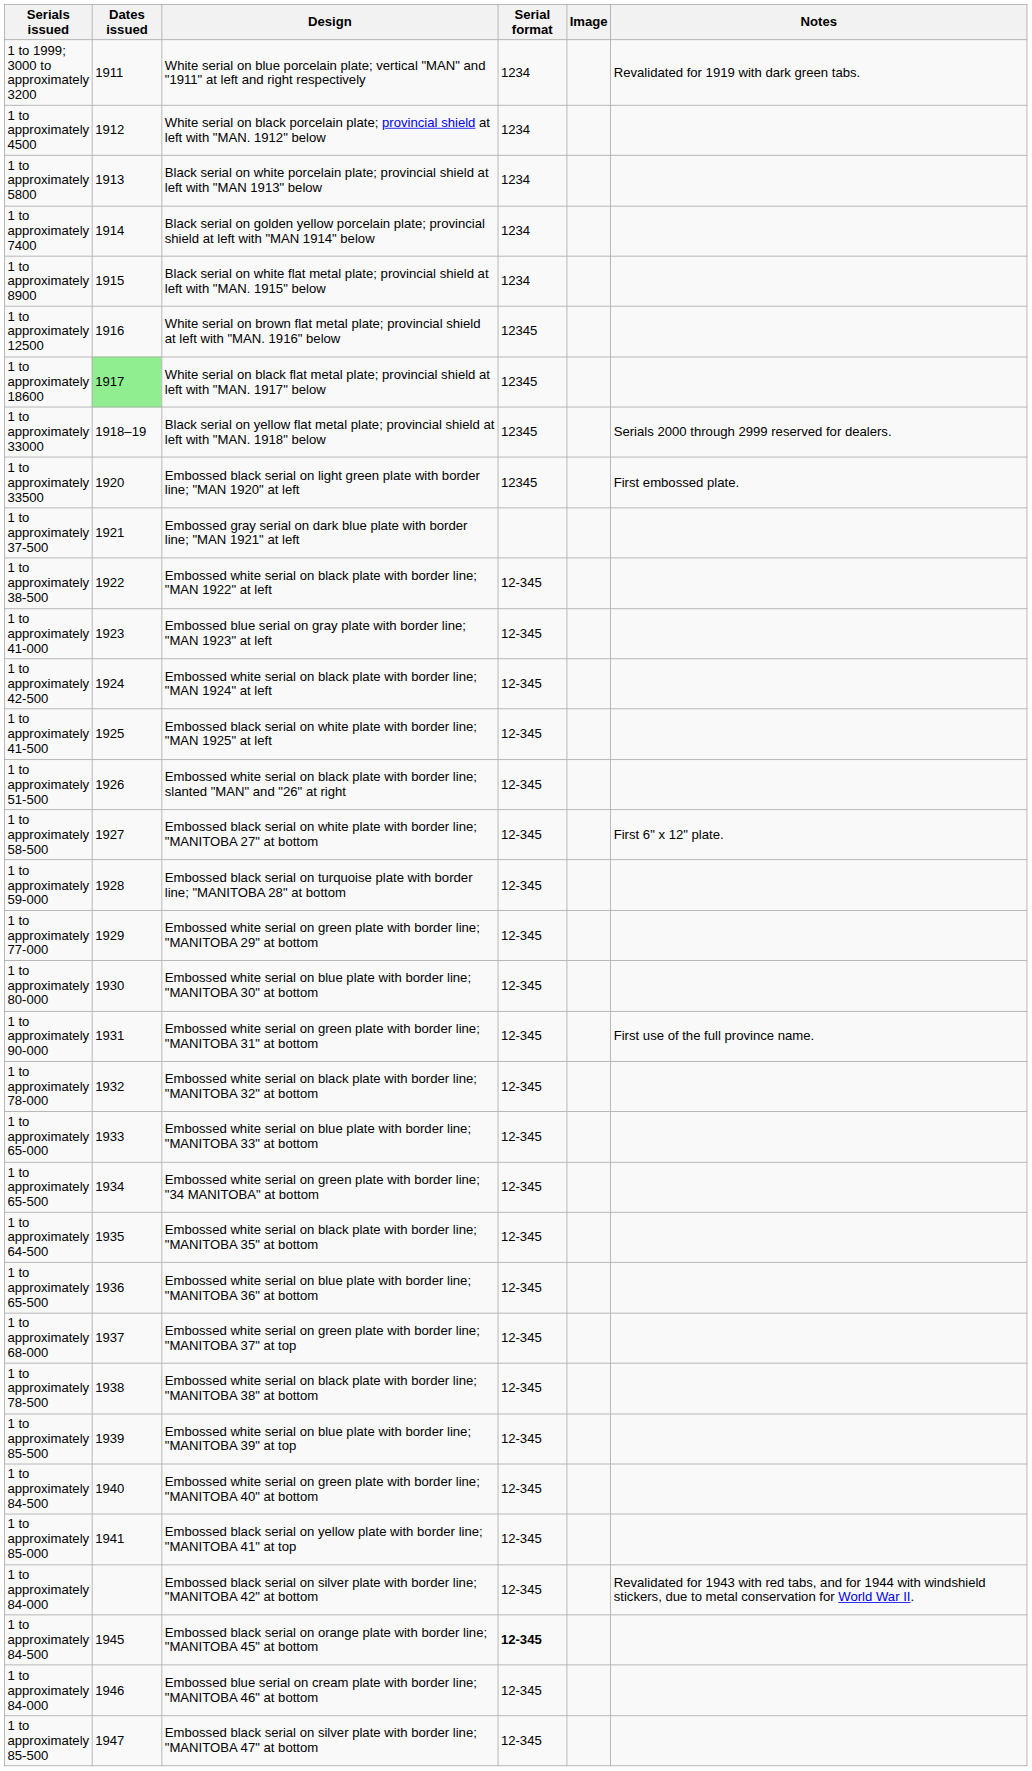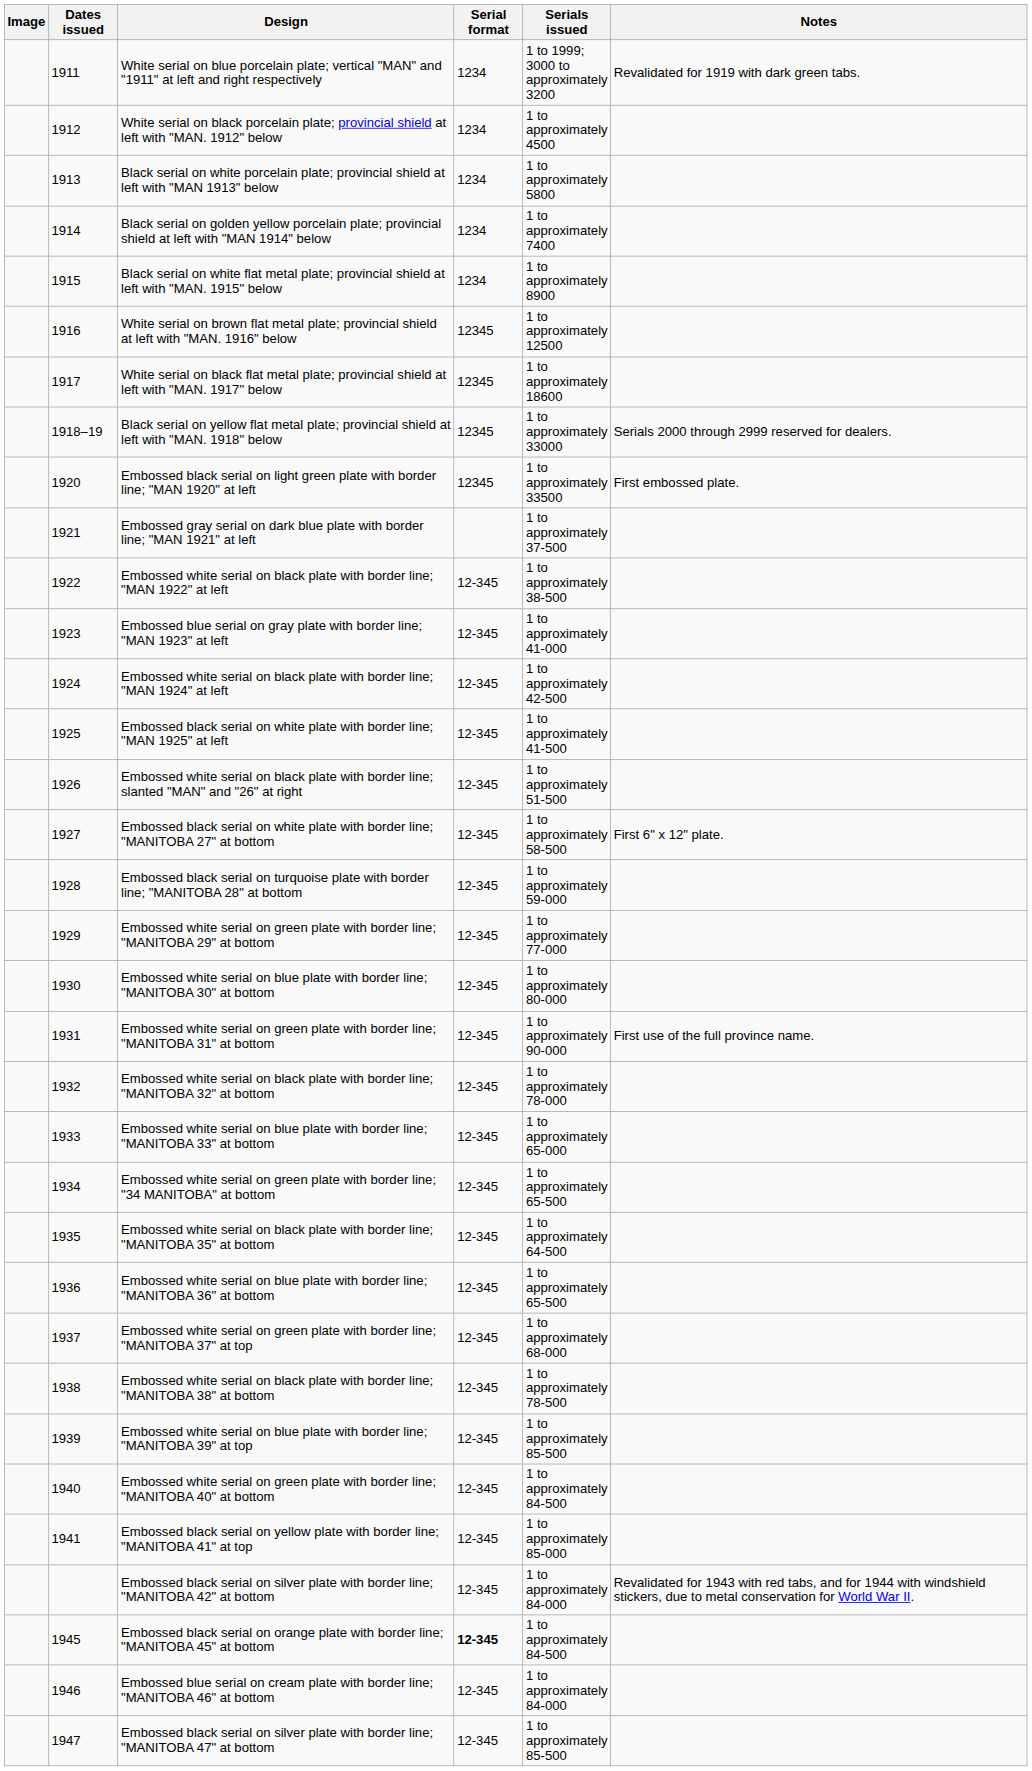 <table class="wikitable">
 <tr>
-<th style="width:95px;">Serials issued</th>
+<th>Image</th>
 <th>Dates issued</th>
 <th>Design</th>
 <th>Serial format</th>
-<th>Image</th>
+<th style="width:95px;">Serials issued</th>
 <th>Notes</th>
 </tr>
 <tr>
-<td>1 to 1999;<br>3000 to approximately 3200</td>
+<td></td>
 <td>1911</td>
 <td>White serial on blue porcelain plate; vertical "MAN" and "1911" at left and right respectively</td>
 <td>1234</td>
-<td></td>
+<td>1 to 1999;<br>3000 to approximately 3200</td>
 <td>Revalidated for 1919 with dark green tabs.</td>
 </tr>
 <tr>
-<td>1 to approximately 4500</td>
+<td></td>
 <td>1912</td>
 <td>White serial on black porcelain plate; <a href='#'>provincial shield</a> at left with "MAN. 1912" below</td>
 <td>1234</td>
-<td></td>
+<td>1 to approximately 4500</td>
 <td></td>
 </tr>
 <tr>
-<td>1 to approximately 5800</td>
+<td></td>
 <td>1913</td>
 <td>Black serial on white porcelain plate; provincial shield at left with "MAN 1913" below</td>
 <td>1234</td>
-<td></td>
+<td>1 to approximately 5800</td>
 <td></td>
 </tr>
 <tr>
-<td>1 to approximately 7400</td>
+<td></td>
 <td>1914</td>
 <td>Black serial on golden yellow porcelain plate; provincial shield at left with "MAN 1914" below</td>
 <td>1234</td>
-<td></td>
+<td>1 to approximately 7400</td>
 <td></td>
 </tr>
 <tr>
-<td>1 to approximately 8900</td>
+<td></td>
 <td>1915</td>
 <td>Black serial on white flat metal plate; provincial shield at left with "MAN. 1915" below</td>
 <td>1234</td>
-<td></td>
+<td>1 to approximately 8900</td>
 <td></td>
 </tr>
 <tr>
-<td>1 to approximately 12500</td>
+<td></td>
 <td>1916</td>
 <td>White serial on brown flat metal plate; provincial shield at left with "MAN. 1916" below</td>
 <td>12345</td>
-<td></td>
+<td>1 to approximately 12500</td>
 <td></td>
 </tr>
 <tr>
-<td>1 to approximately 18600</td>
-<td style="background: lightgreen;">1917</td>
+<td></td>
+<td>1917</td>
 <td>White serial on black flat metal plate; provincial shield at left with "MAN. 1917" below</td>
 <td>12345</td>
-<td></td>
+<td>1 to approximately 18600</td>
 <td></td>
 </tr>
 <tr>
-<td>1 to approximately 33000</td>
+<td><br></td>
 <td>1918–19</td>
 <td>Black serial on yellow flat metal plate; provincial shield at left with "MAN. 1918" below</td>
 <td>12345</td>
-<td><br></td>
+<td>1 to approximately 33000</td>
 <td>Serials 2000 through 2999 reserved for dealers.</td>
 </tr>
 <tr>
-<td>1 to approximately 33500</td>
+<td></td>
 <td>1920</td>
 <td>Embossed black serial on light green plate with border line; "MAN 1920" at left</td>
 <td>12345</td>
-<td></td>
+<td>1 to approximately 33500</td>
 <td>First embossed plate.</td>
 </tr>
 <tr>
-<td>1 to approximately 37-500</td>
+<td></td>
 <td>1921</td>
 <td>Embossed gray serial on dark blue plate with border line; "MAN 1921" at left</td>
 <td></td>
-<td></td>
+<td>1 to approximately 37-500</td>
 <td></td>
 </tr>
 <tr>
-<td>1 to approximately 38-500</td>
+<td></td>
 <td>1922</td>
 <td>Embossed white serial on black plate with border line; "MAN 1922" at left</td>
 <td>12-345</td>
-<td></td>
+<td>1 to approximately 38-500</td>
 <td></td>
 </tr>
 <tr>
-<td>1 to approximately 41-000</td>
+<td></td>
 <td>1923</td>
 <td>Embossed blue serial on gray plate with border line; "MAN 1923" at left</td>
 <td>12-345</td>
-<td></td>
+<td>1 to approximately 41-000</td>
 <td></td>
 </tr>
 <tr>
-<td>1 to approximately 42-500</td>
+<td></td>
 <td>1924</td>
 <td>Embossed white serial on black plate with border line; "MAN 1924" at left</td>
 <td>12-345</td>
-<td></td>
+<td>1 to approximately 42-500</td>
 <td></td>
 </tr>
 <tr>
-<td>1 to approximately 41-500</td>
+<td></td>
 <td>1925</td>
 <td>Embossed black serial on white plate with border line; "MAN 1925" at left</td>
 <td>12-345</td>
-<td></td>
+<td>1 to approximately 41-500</td>
 <td></td>
 </tr>
 <tr>
-<td>1 to approximately 51-500</td>
+<td></td>
 <td>1926</td>
 <td>Embossed white serial on black plate with border line; slanted "MAN" and "26" at right</td>
 <td>12-345</td>
-<td></td>
+<td>1 to approximately 51-500</td>
 <td></td>
 </tr>
 <tr>
-<td>1 to approximately 58-500</td>
+<td></td>
 <td>1927</td>
 <td>Embossed black serial on white plate with border line; "MANITOBA 27" at bottom</td>
 <td>12-345</td>
-<td></td>
+<td>1 to approximately 58-500</td>
 <td>First 6" x 12" plate.</td>
 </tr>
 <tr>
-<td>1 to approximately 59-000</td>
+<td></td>
 <td>1928</td>
 <td>Embossed black serial on turquoise plate with border line; "MANITOBA 28" at bottom</td>
 <td>12-345</td>
-<td></td>
+<td>1 to approximately 59-000</td>
 <td></td>
 </tr>
 <tr>
-<td>1 to approximately 77-000</td>
+<td></td>
 <td>1929</td>
 <td>Embossed white serial on green plate with border line; "MANITOBA 29" at bottom</td>
 <td>12-345</td>
-<td></td>
+<td>1 to approximately 77-000</td>
 <td></td>
 </tr>
 <tr>
-<td>1 to approximately 80-000</td>
+<td></td>
 <td>1930</td>
 <td>Embossed white serial on blue plate with border line; "MANITOBA 30" at bottom</td>
 <td>12-345</td>
-<td></td>
+<td>1 to approximately 80-000</td>
 <td></td>
 </tr>
 <tr>
-<td>1 to approximately 90-000</td>
+<td></td>
 <td>1931</td>
 <td>Embossed white serial on green plate with border line; "MANITOBA 31" at bottom</td>
 <td>12-345</td>
-<td></td>
+<td>1 to approximately 90-000</td>
 <td>First use of the full province name.</td>
 </tr>
 <tr>
-<td>1 to approximately 78-000</td>
+<td></td>
 <td>1932</td>
 <td>Embossed white serial on black plate with border line; "MANITOBA 32" at bottom</td>
 <td>12-345</td>
-<td></td>
+<td>1 to approximately 78-000</td>
 <td></td>
 </tr>
 <tr>
-<td>1 to approximately 65-000</td>
+<td></td>
 <td>1933</td>
 <td>Embossed white serial on blue plate with border line; "MANITOBA 33" at bottom</td>
 <td>12-345</td>
-<td></td>
+<td>1 to approximately 65-000</td>
 <td></td>
 </tr>
 <tr>
-<td>1 to approximately 65-500</td>
+<td></td>
 <td>1934</td>
 <td>Embossed white serial on green plate with border line; "34 MANITOBA" at bottom</td>
 <td>12-345</td>
-<td></td>
+<td>1 to approximately 65-500</td>
 <td></td>
 </tr>
 <tr>
-<td>1 to approximately 64-500</td>
+<td></td>
 <td>1935</td>
 <td>Embossed white serial on black plate with border line; "MANITOBA 35" at bottom</td>
 <td>12-345</td>
-<td></td>
+<td>1 to approximately 64-500</td>
 <td></td>
 </tr>
 <tr>
-<td>1 to approximately 65-500</td>
+<td></td>
 <td>1936</td>
 <td>Embossed white serial on blue plate with border line; "MANITOBA 36" at bottom</td>
 <td>12-345</td>
-<td></td>
+<td>1 to approximately 65-500</td>
 <td></td>
 </tr>
 <tr>
-<td>1 to approximately 68-000</td>
+<td></td>
 <td>1937</td>
 <td>Embossed white serial on green plate with border line; "MANITOBA 37" at top</td>
 <td>12-345</td>
-<td></td>
+<td>1 to approximately 68-000</td>
 <td></td>
 </tr>
 <tr>
-<td>1 to approximately 78-500</td>
+<td></td>
 <td>1938</td>
 <td>Embossed white serial on black plate with border line; "MANITOBA 38" at bottom</td>
 <td>12-345</td>
-<td></td>
+<td>1 to approximately 78-500</td>
 <td></td>
 </tr>
 <tr>
-<td>1 to approximately 85-500</td>
+<td></td>
 <td>1939</td>
 <td>Embossed white serial on blue plate with border line; "MANITOBA 39" at top</td>
 <td>12-345</td>
-<td></td>
+<td>1 to approximately 85-500</td>
 <td></td>
 </tr>
 <tr>
-<td>1 to approximately 84-500</td>
+<td></td>
 <td>1940</td>
 <td>Embossed white serial on green plate with border line; "MANITOBA 40" at bottom</td>
 <td>12-345</td>
-<td></td>
+<td>1 to approximately 84-500</td>
 <td></td>
 </tr>
 <tr>
-<td>1 to approximately 85-000</td>
+<td></td>
 <td>1941</td>
 <td>Embossed black serial on yellow plate with border line; "MANITOBA 41" at top</td>
 <td>12-345</td>
-<td></td>
+<td>1 to approximately 85-000</td>
 <td></td>
 </tr>
 <tr>
-<td>1 to approximately 84-000</td>
+<td><br></td>
 <td></td>
 <td>Embossed black serial on silver plate with border line; "MANITOBA 42" at bottom</td>
 <td>12-345</td>
-<td><br></td>
+<td>1 to approximately 84-000</td>
 <td>Revalidated for 1943 with red tabs, and for 1944 with windshield stickers, due to metal conservation for <a href='#'>World War II</a>.</td>
 </tr>
 <tr>
-<td>1 to approximately 84-500</td>
+<td></td>
 <td>1945</td>
 <td>Embossed black serial on orange plate with border line; "MANITOBA 45" at bottom</td>
 <td><strong>12-345</strong></td>
-<td></td>
+<td>1 to approximately 84-500</td>
 <td></td>
 </tr>
 <tr>
-<td>1 to approximately 84-000</td>
+<td></td>
 <td>1946</td>
 <td>Embossed blue serial on cream plate with border line; "MANITOBA 46" at bottom</td>
 <td>12-345</td>
-<td></td>
+<td>1 to approximately 84-000</td>
 <td></td>
 </tr>
 <tr>
-<td>1 to approximately 85-500</td>
+<td></td>
 <td>1947</td>
 <td>Embossed black serial on silver plate with border line; "MANITOBA 47" at bottom</td>
 <td>12-345</td>
-<td></td>
+<td>1 to approximately 85-500</td>
 <td></td>
 </tr>
 </table>
